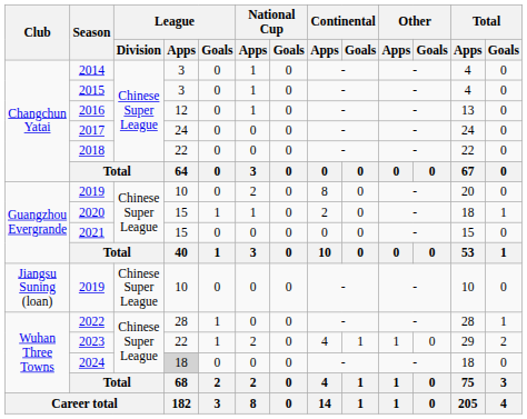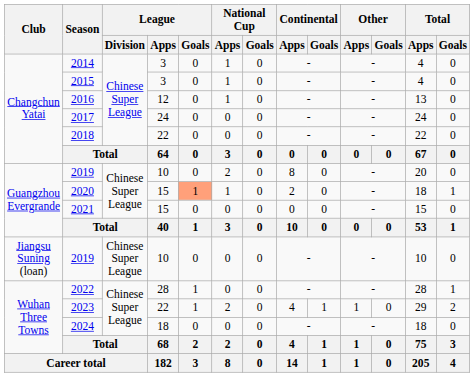 <table class="wikitable" style="text-align: center">
 <tr>
 <th rowspan="2">Club</th>
 <th rowspan="2">Season</th>
 <th colspan="3">League</th>
 <th colspan="2">National Cup</th>
 <th colspan="2">Continental</th>
 <th colspan="2">Other</th>
 <th colspan="2">Total</th>
 </tr>
 <tr>
 <th>Division</th>
 <th>Apps</th>
 <th>Goals</th>
 <th>Apps</th>
 <th>Goals</th>
 <th>Apps</th>
 <th>Goals</th>
 <th>Apps</th>
 <th>Goals</th>
 <th>Apps</th>
 <th>Goals</th>
 </tr>
 <tr>
 <td rowspan="6"><a href='#'>Changchun Yatai</a></td>
 <td><a href='#'>2014</a></td>
 <td rowspan="5"><a href='#'>Chinese Super League</a></td>
 <td>3</td>
 <td>0</td>
 <td>1</td>
 <td>0</td>
 <td colspan="2">-</td>
 <td colspan="2">-</td>
 <td>4</td>
 <td>0</td>
 </tr>
 <tr>
 <td><a href='#'>2015</a></td>
 <td>3</td>
 <td>0</td>
 <td>1</td>
 <td>0</td>
 <td colspan="2">-</td>
 <td colspan="2">-</td>
 <td>4</td>
 <td>0</td>
 </tr>
 <tr>
 <td><a href='#'>2016</a></td>
 <td>12</td>
 <td>0</td>
 <td>1</td>
 <td>0</td>
 <td colspan="2">-</td>
 <td colspan="2">-</td>
 <td>13</td>
 <td>0</td>
 </tr>
 <tr>
 <td><a href='#'>2017</a></td>
 <td>24</td>
 <td>0</td>
 <td>0</td>
 <td>0</td>
 <td colspan="2">-</td>
 <td colspan="2">-</td>
 <td>24</td>
 <td>0</td>
 </tr>
 <tr>
 <td><a href='#'>2018</a></td>
 <td>22</td>
 <td>0</td>
 <td>0</td>
 <td>0</td>
 <td colspan="2">-</td>
 <td colspan="2">-</td>
 <td>22</td>
 <td>0</td>
 </tr>
 <tr>
 <th colspan=2>Total</th>
 <th>64</th>
 <th>0</th>
 <th>3</th>
 <th>0</th>
 <th>0</th>
 <th>0</th>
 <th>0</th>
 <th>0</th>
 <th>67</th>
 <th>0</th>
 </tr>
 <tr>
 <td rowspan="4"><a href='#'>Guangzhou Evergrande</a></td>
 <td><a href='#'>2019</a></td>
 <td rowspan="3">Chinese Super League</td>
 <td>10</td>
 <td>0</td>
 <td>2</td>
 <td>0</td>
 <td>8</td>
 <td>0</td>
 <td colspan="2">-</td>
 <td>20</td>
 <td>0</td>
 </tr>
 <tr>
 <td><a href='#'>2020</a></td>
 <td>15</td>
-<td>1</td>
+<td style="background: lightsalmon;">1</td>
 <td>1</td>
 <td>0</td>
 <td>2</td>
 <td>0</td>
 <td colspan="2">-</td>
 <td>18</td>
 <td>1</td>
 </tr>
 <tr>
 <td><a href='#'>2021</a></td>
 <td>15</td>
 <td>0</td>
 <td>0</td>
 <td>0</td>
 <td>0</td>
 <td>0</td>
 <td colspan="2">-</td>
 <td>15</td>
 <td>0</td>
 </tr>
 <tr>
 <th colspan=2>Total</th>
 <th>40</th>
 <th>1</th>
 <th>3</th>
 <th>0</th>
 <th>10</th>
 <th>0</th>
 <th>0</th>
 <th>0</th>
 <th>53</th>
 <th>1</th>
 </tr>
 <tr>
 <td><a href='#'>Jiangsu Suning</a> (loan)</td>
 <td><a href='#'>2019</a></td>
 <td>Chinese Super League</td>
 <td>10</td>
 <td>0</td>
 <td>0</td>
 <td>0</td>
 <td colspan="2">-</td>
 <td colspan="2">-</td>
 <td>10</td>
 <td>0</td>
 </tr>
 <tr>
 <td rowspan="4"><a href='#'>Wuhan Three Towns</a></td>
 <td><a href='#'>2022</a></td>
 <td rowspan="3">Chinese Super League</td>
 <td>28</td>
 <td>1</td>
 <td>0</td>
 <td>0</td>
 <td colspan="2">-</td>
 <td colspan="2">-</td>
 <td>28</td>
 <td>1</td>
 </tr>
 <tr>
 <td><a href='#'>2023</a></td>
 <td>22</td>
 <td>1</td>
 <td>2</td>
 <td>0</td>
 <td>4</td>
 <td>1</td>
 <td>1</td>
 <td>0</td>
 <td>29</td>
 <td>2</td>
 </tr>
 <tr>
 <td><a href='#'>2024</a></td>
-<td style="background: lightgrey;">18</td>
+<td>18</td>
 <td>0</td>
 <td>0</td>
 <td>0</td>
 <td colspan="2">-</td>
 <td colspan="2">-</td>
 <td>18</td>
 <td>0</td>
 </tr>
 <tr>
 <th colspan=2>Total</th>
 <th>68</th>
 <th>2</th>
 <th>2</th>
 <th>0</th>
 <th>4</th>
 <th>1</th>
 <th>1</th>
 <th>0</th>
 <th>75</th>
 <th>3</th>
 </tr>
 <tr>
 <th colspan=3>Career total</th>
 <th>182</th>
 <th>3</th>
 <th>8</th>
 <th>0</th>
 <th>14</th>
 <th>1</th>
 <th>1</th>
 <th>0</th>
 <th>205</th>
 <th>4</th>
 </tr>
 </table>
